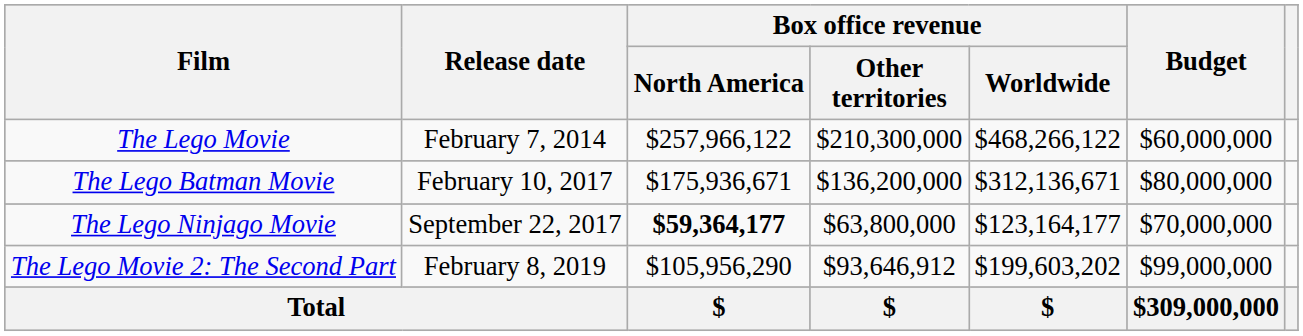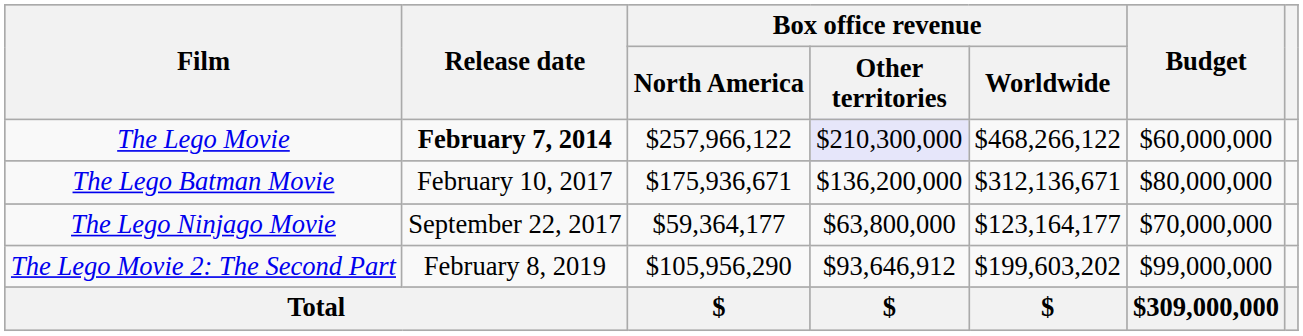 <table class="wikitable sortable" style="text-align:center;">
 <tr>
 <th rowspan="2">Film</th>
 <th rowspan="2">Release date</th>
 <th colspan="3">Box office revenue</th>
 <th rowspan="2">Budget</th>
 <th rowspan="2"></th>
 </tr>
 <tr>
 <th>North America</th>
 <th>Other<br>territories</th>
 <th>Worldwide</th>
 </tr>
 <tr>
 <td><em><a href='#'>The Lego Movie</a></em></td>
-<td>February 7, 2014</td>
+<td><strong>February 7, 2014</strong></td>
 <td>$257,966,122</td>
-<td>$210,300,000</td>
+<td style="background: lavender;">$210,300,000</td>
 <td>$468,266,122</td>
 <td>$60,000,000</td>
 <td></td>
 </tr>
 <tr>
 <td><em><a href='#'>The Lego Batman Movie</a></em></td>
 <td>February 10, 2017</td>
 <td>$175,936,671</td>
 <td>$136,200,000</td>
 <td>$312,136,671</td>
 <td>$80,000,000</td>
 <td></td>
 </tr>
 <tr>
 <td><em><a href='#'>The Lego Ninjago Movie</a></em></td>
 <td>September 22, 2017</td>
-<td><strong>$59,364,177</strong></td>
+<td>$59,364,177</td>
 <td>$63,800,000</td>
 <td>$123,164,177</td>
 <td>$70,000,000</td>
 <td></td>
 </tr>
 <tr>
 <td><em><a href='#'>The Lego Movie 2: The Second Part</a></em></td>
 <td>February 8, 2019</td>
 <td>$105,956,290</td>
 <td>$93,646,912</td>
 <td>$199,603,202</td>
 <td>$99,000,000</td>
 <td></td>
 </tr>
 <tr>
 <th colspan="2">Total</th>
 <th>$</th>
 <th>$</th>
 <th>$</th>
 <th>$309,000,000</th>
 <th></th>
 </tr>
 </table>
